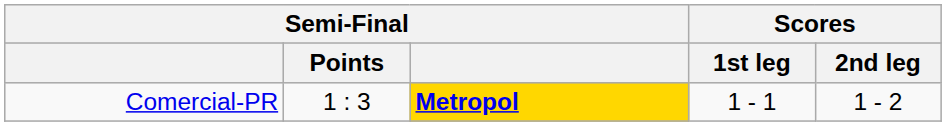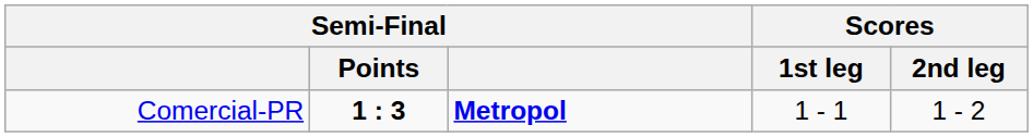 <table class="wikitable" style="text-align:center;">
 <tr>
 <th colspan=3>Semi-Final</th>
 <th colspan=3>Scores</th>
 </tr>
 <tr>
 <th width="175"></th>
 <th width="75">Points</th>
 <th width="175"></th>
 <th width="75">1st leg</th>
 <th width="75">2nd leg</th>
 </tr>
 <tr>
 <td align=right><a href='#'>Comercial-PR</a></td>
-<td>1 : 3</td>
-<td align=left style="background: gold;"><strong><a href='#'>Metropol</a></strong></td>
+<td><strong>1 : 3</strong></td>
+<td align=left><strong><a href='#'>Metropol</a></strong></td>
 <td>1 - 1</td>
 <td>1 - 2</td>
 </tr>
 </table>
